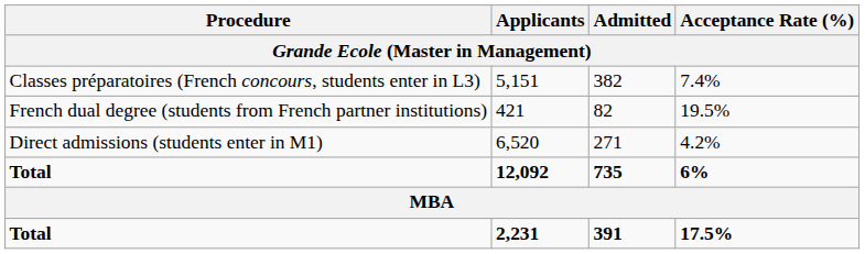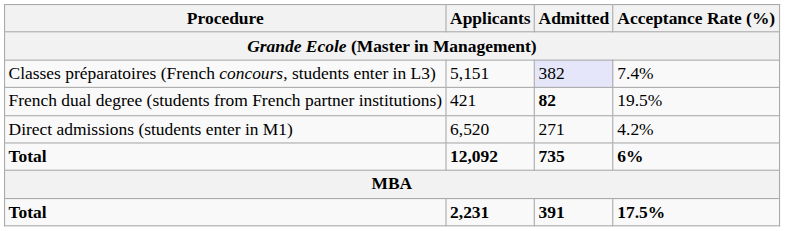 <table class="wikitable">
 <tr>
 <th>Procedure</th>
 <th>Applicants</th>
 <th>Admitted</th>
 <th>Acceptance Rate (%)</th>
 </tr>
 <tr>
 <th colspan="4"><em>Grande Ecole</em> (Master in Management)</th>
 </tr>
 <tr>
 <td>Classes préparatoires (French <em>concours</em>, students enter in L3)</td>
 <td>5,151</td>
-<td>382</td>
+<td style="background: lavender;">382</td>
 <td>7.4%</td>
 </tr>
 <tr>
 <td>French dual degree (students from French partner institutions)</td>
 <td>421</td>
-<td>82</td>
+<td><strong>82</strong></td>
 <td>19.5%</td>
 </tr>
 <tr>
 <td>Direct admissions (students enter in M1)</td>
 <td>6,520</td>
 <td>271</td>
 <td>4.2%</td>
 </tr>
 <tr>
 <td><strong>Total</strong></td>
 <td><strong>12,092</strong></td>
 <td><strong>735</strong></td>
 <td><strong>6%</strong></td>
 </tr>
 <tr>
 <th colspan="4">MBA</th>
 </tr>
 <tr>
 <td><strong>Total</strong></td>
 <td><strong>2,231</strong></td>
 <td><strong>391</strong></td>
 <td><strong>17.5%</strong></td>
 </tr>
 </table>
